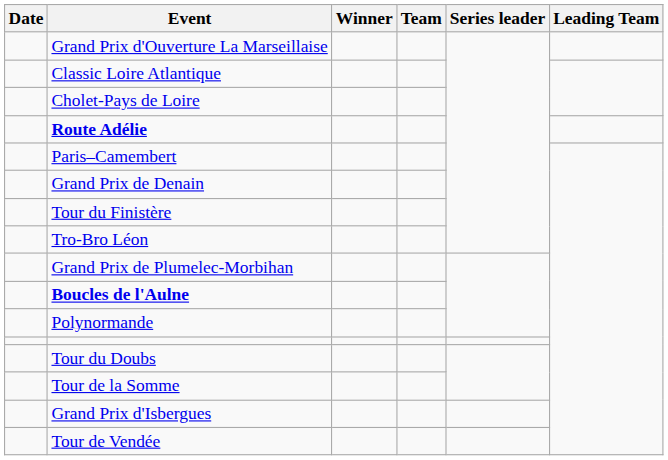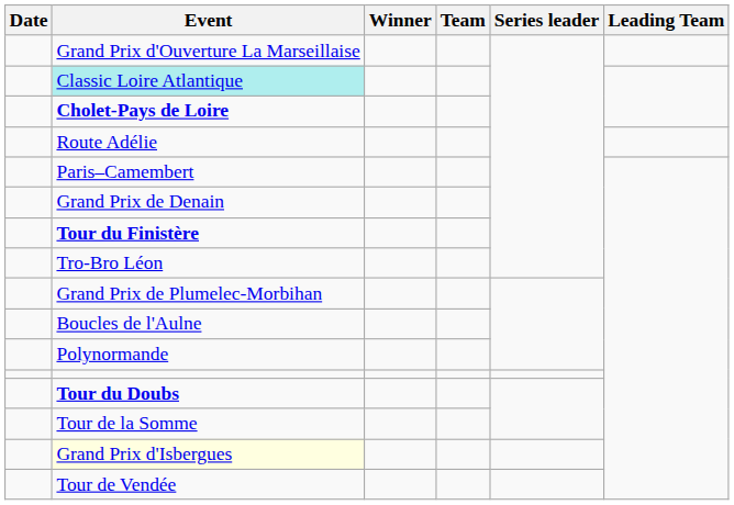 <table class="wikitable sortable">
 <tr>
 <th>Date</th>
 <th>Event</th>
 <th>Winner</th>
 <th>Team</th>
 <th class="unsortable">Series leader</th>
 <th class="unsortable">Leading Team</th>
 </tr>
 <tr>
 <td></td>
 <td><a href='#'>Grand Prix d'Ouverture La Marseillaise</a></td>
 <td></td>
 <td></td>
 <td rowspan=8></td>
 <td></td>
 </tr>
 <tr>
 <td></td>
-<td><a href='#'>Classic Loire Atlantique</a></td>
+<td style="background: paleturquoise;"><a href='#'>Classic Loire Atlantique</a></td>
 <td></td>
 <td></td>
 <td rowspan=2></td>
 </tr>
 <tr>
 <td></td>
-<td><a href='#'>Cholet-Pays de Loire</a></td>
+<td><strong><a href='#'>Cholet-Pays de Loire</a></strong></td>
 <td></td>
 <td></td>
 </tr>
 <tr>
 <td></td>
-<td><strong><a href='#'>Route Adélie</a></strong></td>
+<td><a href='#'>Route Adélie</a></td>
 <td></td>
 <td></td>
 <td></td>
 </tr>
 <tr>
 <td></td>
 <td><a href='#'>Paris–Camembert</a></td>
 <td></td>
 <td></td>
 <td rowspan=12></td>
 </tr>
 <tr>
 <td></td>
 <td><a href='#'>Grand Prix de Denain</a></td>
 <td></td>
 <td></td>
 </tr>
 <tr>
 <td></td>
-<td><a href='#'>Tour du Finistère</a></td>
+<td><strong><a href='#'>Tour du Finistère</a></strong></td>
 <td></td>
 <td></td>
 </tr>
 <tr>
 <td></td>
 <td><a href='#'>Tro-Bro Léon</a></td>
 <td></td>
 <td></td>
 </tr>
 <tr>
 <td></td>
 <td><a href='#'>Grand Prix de Plumelec-Morbihan</a></td>
 <td></td>
 <td></td>
 <td rowspan=3></td>
 </tr>
 <tr>
 <td></td>
-<td><strong><a href='#'>Boucles de l'Aulne</a></strong></td>
+<td><a href='#'>Boucles de l'Aulne</a></td>
 <td></td>
 <td></td>
 </tr>
 <tr>
 <td></td>
 <td><a href='#'>Polynormande</a></td>
 <td></td>
 <td></td>
 </tr>
 <tr>
 <td></td>
 <td></td>
 <td></td>
 <td></td>
 <td></td>
 </tr>
 <tr>
 <td></td>
-<td><a href='#'>Tour du Doubs</a></td>
+<td><strong><a href='#'>Tour du Doubs</a></strong></td>
 <td></td>
 <td></td>
 <td rowspan=2></td>
 </tr>
 <tr>
 <td></td>
 <td><a href='#'>Tour de la Somme</a></td>
 <td></td>
 <td></td>
 </tr>
 <tr>
 <td></td>
-<td><a href='#'>Grand Prix d'Isbergues</a></td>
+<td style="background: lightyellow;"><a href='#'>Grand Prix d'Isbergues</a></td>
 <td></td>
 <td></td>
 <td></td>
 </tr>
 <tr>
 <td></td>
 <td><a href='#'>Tour de Vendée</a></td>
 <td></td>
 <td></td>
 <td></td>
 </tr>
 </table>
